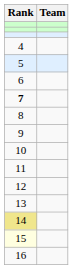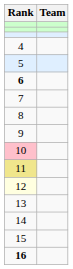 <table class="wikitable" style="text-align:center">
 <tr>
 <th width=40>Rank</th>
 <th>Team</th>
 </tr>
 <tr bgcolor=#ccffcc>
 <td></td>
 <td style="text-align:left"></td>
 </tr>
 <tr bgcolor=#ccffcc>
 <td></td>
 <td style="text-align:left"></td>
 </tr>
 <tr bgcolor=#dfefff>
 <td></td>
 <td style="text-align:left"></td>
 </tr>
 <tr>
 <td>4</td>
 <td style="text-align:left"></td>
 </tr>
 <tr bgcolor=#dfefff>
 <td>5</td>
 <td style="text-align:left"></td>
 </tr>
 <tr>
-<td>6</td>
+<td><strong>6</strong></td>
 <td style="text-align:left"></td>
 </tr>
 <tr>
-<td><strong>7</strong></td>
+<td>7</td>
 <td style="text-align:left"></td>
 </tr>
 <tr>
 <td>8</td>
 <td style="text-align:left"></td>
 </tr>
 <tr>
 <td>9</td>
 <td style="text-align:left"></td>
 </tr>
 <tr>
-<td>10</td>
+<td style="background: pink;">10</td>
 <td style="text-align:left"></td>
 </tr>
 <tr>
-<td>11</td>
+<td style="background: khaki;">11</td>
 <td style="text-align:left"></td>
 </tr>
 <tr>
-<td>12</td>
+<td style="background: lightyellow;">12</td>
 <td style="text-align:left"></td>
 </tr>
 <tr>
 <td>13</td>
 <td style="text-align:left"></td>
 </tr>
 <tr>
-<td style="background: khaki;">14</td>
+<td>14</td>
 <td style="text-align:left"></td>
 </tr>
 <tr>
-<td style="background: lightyellow;">15</td>
+<td>15</td>
 <td style="text-align:left"></td>
 </tr>
 <tr>
-<td>16</td>
+<td><strong>16</strong></td>
 <td style="text-align:left"></td>
 </tr>
 </table>
